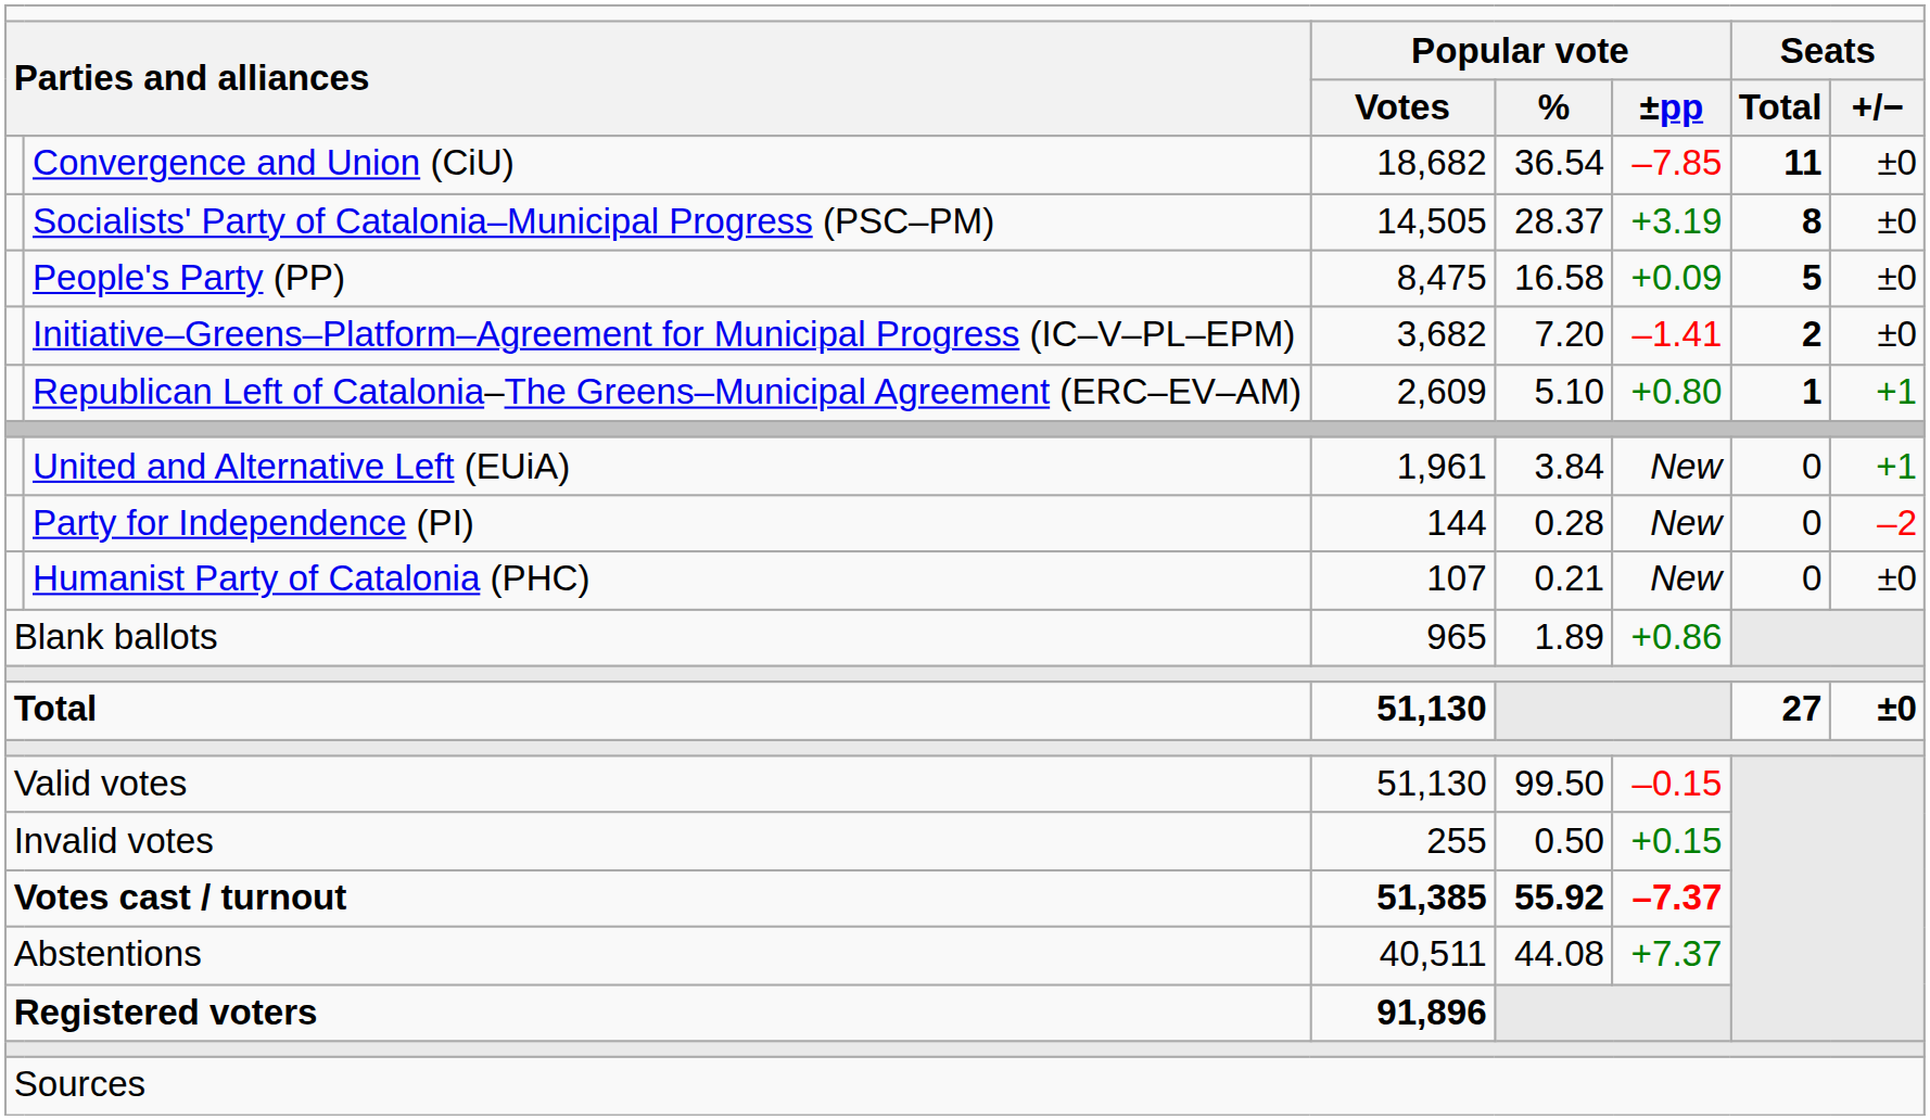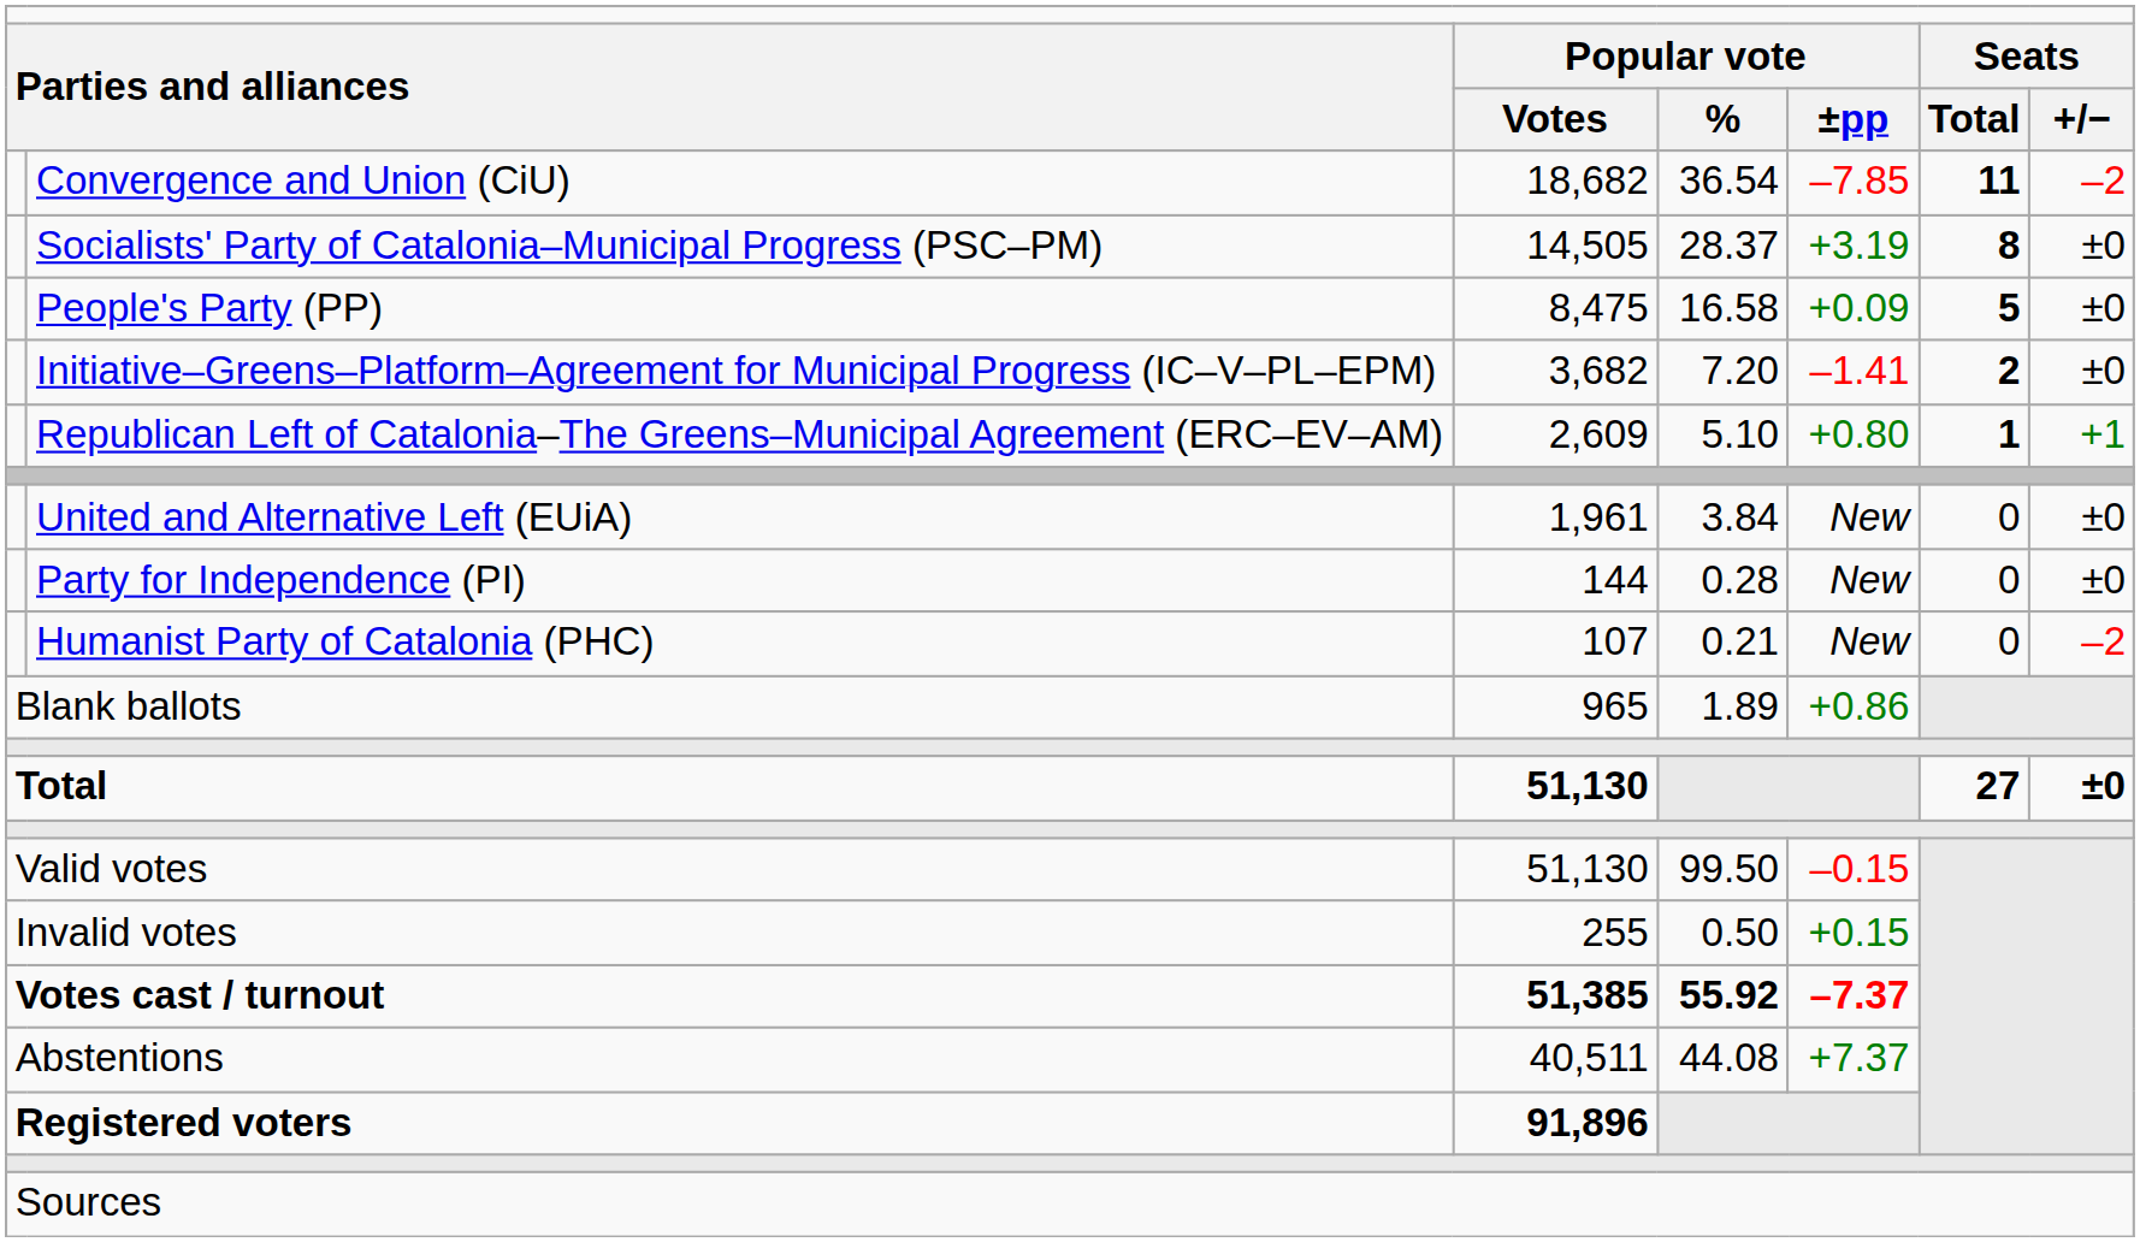 <table class="wikitable" style="text-align:right;">
 <tr>
 <td colspan="7"></td>
 </tr>
 <tr>
 <th style="text-align:left;" rowspan="2" colspan="2" width="525">Parties and alliances</th>
 <th colspan="3">Popular vote</th>
 <th colspan="2">Seats</th>
 </tr>
 <tr>
 <th width="75">Votes</th>
 <th width="45">%</th>
 <th width="45">±<a href='#'>pp</a></th>
 <th width="35">Total</th>
 <th width="35">+/−</th>
 </tr>
 <tr>
 <td width="1" style="color:inherit;background:"></td>
 <td align="left"><a href='#'>Convergence and Union</a> (CiU)</td>
 <td>18,682</td>
 <td>36.54</td>
 <td style="color:red;">–7.85</td>
 <td><strong>11</strong></td>
-<td>±0</td>
+<td style="color:red;">–2</td>
 </tr>
 <tr>
 <td style="color:inherit;background:"></td>
 <td align="left"><a href='#'>Socialists' Party of Catalonia–Municipal Progress</a> (PSC–PM)</td>
 <td>14,505</td>
 <td>28.37</td>
 <td style="color:green;">+3.19</td>
 <td><strong>8</strong></td>
 <td>±0</td>
 </tr>
 <tr>
 <td style="color:inherit;background:"></td>
 <td align="left"><a href='#'>People's Party</a> (PP)</td>
 <td>8,475</td>
 <td>16.58</td>
 <td style="color:green;">+0.09</td>
 <td><strong>5</strong></td>
 <td>±0</td>
 </tr>
 <tr>
 <td style="color:inherit;background:"></td>
 <td align="left"><a href='#'>Initiative–Greens–Platform–Agreement for Municipal Progress</a> (IC–V–PL–EPM)</td>
 <td>3,682</td>
 <td>7.20</td>
 <td style="color:red;">–1.41</td>
 <td><strong>2</strong></td>
 <td>±0</td>
 </tr>
 <tr>
 <td style="color:inherit;background:"></td>
 <td align="left"><a href='#'>Republican Left of Catalonia</a>–<a href='#'>The Greens–Municipal Agreement</a> (ERC–EV–AM)</td>
 <td>2,609</td>
 <td>5.10</td>
 <td style="color:green;">+0.80</td>
 <td><strong>1</strong></td>
 <td style="color:green;">+1</td>
 </tr>
 <tr>
 <td colspan="7" style="color:inherit;background:#C0C0C0"></td>
 </tr>
 <tr>
 <td style="color:inherit;background:"></td>
 <td align="left"><a href='#'>United and Alternative Left</a> (EUiA)</td>
 <td>1,961</td>
 <td>3.84</td>
 <td><em>New</em></td>
 <td>0</td>
-<td style="color:green;">+1</td>
+<td>±0</td>
 </tr>
 <tr>
 <td style="color:inherit;background:"></td>
 <td align="left"><a href='#'>Party for Independence</a> (PI)</td>
 <td>144</td>
 <td>0.28</td>
 <td><em>New</em></td>
 <td>0</td>
-<td style="color:red;">–2</td>
+<td>±0</td>
 </tr>
 <tr>
 <td style="color:inherit;background:"></td>
 <td align="left"><a href='#'>Humanist Party of Catalonia</a> (PHC)</td>
 <td>107</td>
 <td>0.21</td>
 <td><em>New</em></td>
 <td>0</td>
-<td>±0</td>
+<td style="color:red;">–2</td>
 </tr>
 <tr>
 <td align="left" colspan="2">Blank ballots</td>
 <td>965</td>
 <td>1.89</td>
 <td style="color:green;">+0.86</td>
 <td style="color:inherit;background:#E9E9E9" colspan="2"></td>
 </tr>
 <tr>
 <td colspan="7" style="color:inherit;background:#E9E9E9"></td>
 </tr>
 <tr style="font-weight:bold;">
 <td align="left" colspan="2">Total</td>
 <td>51,130</td>
 <td bgcolor="#E9E9E9" colspan="2"></td>
 <td>27</td>
 <td>±0</td>
 </tr>
 <tr>
 <td colspan="7" style="color:inherit;background:#E9E9E9"></td>
 </tr>
 <tr>
 <td align="left" colspan="2">Valid votes</td>
 <td>51,130</td>
 <td>99.50</td>
 <td style="color:red;">–0.15</td>
 <td bgcolor="#E9E9E9" colspan="2" rowspan="5"></td>
 </tr>
 <tr>
 <td align="left" colspan="2">Invalid votes</td>
 <td>255</td>
 <td>0.50</td>
 <td style="color:green;">+0.15</td>
 </tr>
 <tr style="font-weight:bold;">
 <td align="left" colspan="2">Votes cast / turnout</td>
 <td>51,385</td>
 <td>55.92</td>
 <td style="color:red;">–7.37</td>
 </tr>
 <tr>
 <td align="left" colspan="2">Abstentions</td>
 <td>40,511</td>
 <td>44.08</td>
 <td style="color:green;">+7.37</td>
 </tr>
 <tr style="font-weight:bold;">
 <td align="left" colspan="2">Registered voters</td>
 <td>91,896</td>
 <td bgcolor="#E9E9E9" colspan="2"></td>
 </tr>
 <tr>
 <td colspan="7" style="color:inherit;background:#E9E9E9"></td>
 </tr>
 <tr>
 <td align="left" colspan="7">Sources</td>
 </tr>
 </table>
